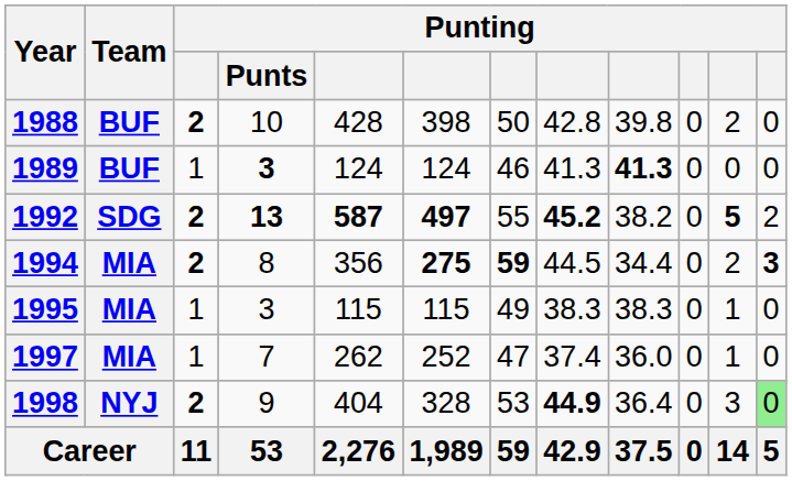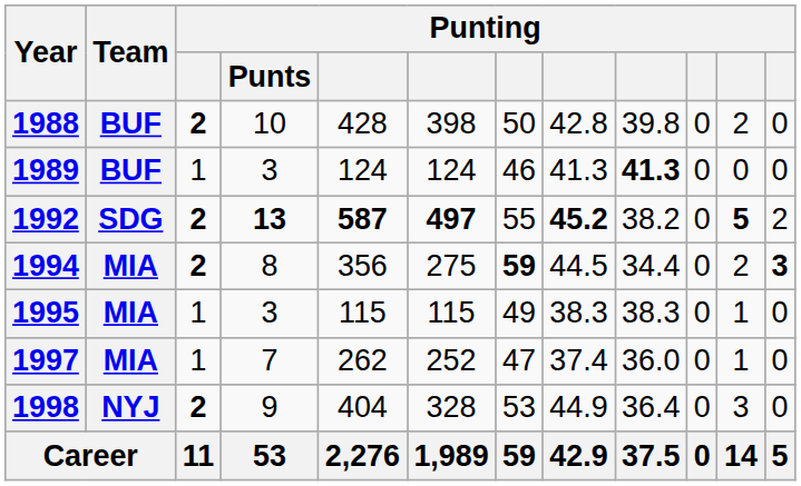 <table class=wikitable style="text-align:center;">
 <tr>
 <th rowspan="2">Year</th>
 <th rowspan="2">Team</th>
 <th colspan="10">Punting</th>
 </tr>
 <tr>
 <th></th>
 <th>Punts</th>
 <th></th>
 <th></th>
 <th></th>
 <th></th>
 <th></th>
 <th></th>
 <th></th>
 <th></th>
 </tr>
 <tr>
 <th><a href='#'>1988</a></th>
 <th><a href='#'>BUF</a></th>
 <td><strong>2</strong></td>
 <td>10</td>
 <td>428</td>
 <td>398</td>
 <td>50</td>
 <td>42.8</td>
 <td>39.8</td>
 <td>0</td>
 <td>2</td>
 <td>0</td>
 </tr>
 <tr>
 <th><a href='#'>1989</a></th>
 <th><a href='#'>BUF</a></th>
 <td>1</td>
-<td><strong>3</strong></td>
+<td>3</td>
 <td>124</td>
 <td>124</td>
 <td>46</td>
 <td>41.3</td>
 <td><strong>41.3</strong></td>
 <td>0</td>
 <td>0</td>
 <td>0</td>
 </tr>
 <tr>
 <th><a href='#'>1992</a></th>
 <th><a href='#'>SDG</a></th>
 <td><strong>2</strong></td>
 <td><strong>13</strong></td>
 <td><strong>587</strong></td>
 <td><strong>497</strong></td>
 <td>55</td>
 <td><strong>45.2</strong></td>
 <td>38.2</td>
 <td>0</td>
 <td><strong>5</strong></td>
 <td>2</td>
 </tr>
 <tr>
 <th><a href='#'>1994</a></th>
 <th><a href='#'>MIA</a></th>
 <td><strong>2</strong></td>
 <td>8</td>
 <td>356</td>
-<td><strong>275</strong></td>
+<td>275</td>
 <td><strong>59</strong></td>
 <td>44.5</td>
 <td>34.4</td>
 <td>0</td>
 <td>2</td>
 <td><strong>3</strong></td>
 </tr>
 <tr>
 <th><a href='#'>1995</a></th>
 <th><a href='#'>MIA</a></th>
 <td>1</td>
 <td>3</td>
 <td>115</td>
 <td>115</td>
 <td>49</td>
 <td>38.3</td>
 <td>38.3</td>
 <td>0</td>
 <td>1</td>
 <td>0</td>
 </tr>
 <tr>
 <th><a href='#'>1997</a></th>
 <th><a href='#'>MIA</a></th>
 <td>1</td>
 <td>7</td>
 <td>262</td>
 <td>252</td>
 <td>47</td>
 <td>37.4</td>
 <td>36.0</td>
 <td>0</td>
 <td>1</td>
 <td>0</td>
 </tr>
 <tr>
 <th><a href='#'>1998</a></th>
 <th><a href='#'>NYJ</a></th>
 <td><strong>2</strong></td>
 <td>9</td>
 <td>404</td>
 <td>328</td>
 <td>53</td>
-<td><strong>44.9</strong></td>
+<td>44.9</td>
 <td>36.4</td>
 <td>0</td>
 <td>3</td>
-<td style="background: lightgreen;">0</td>
+<td>0</td>
 </tr>
 <tr>
 <th colspan="2">Career</th>
 <th>11</th>
 <th>53</th>
 <th>2,276</th>
 <th>1,989</th>
 <th>59</th>
 <th>42.9</th>
 <th>37.5</th>
 <th>0</th>
 <th>14</th>
 <th>5</th>
 </tr>
 </table>
